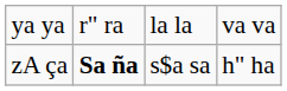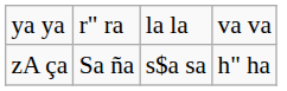 <table class="wikitable">
 <tr>
 <td>ya ya</td>
 <td>r" ra</td>
 <td>la la</td>
 <td>va va</td>
 </tr>
 <tr>
 <td>zA ça</td>
-<td><strong>Sa ña</strong></td>
+<td>Sa ña</td>
 <td>s$a sa</td>
 <td>h" ha</td>
 </tr>
 </table>
